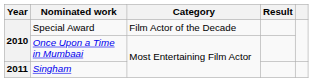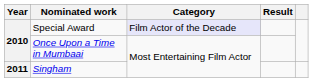 <table class="wikitable plainrowheaders" style="width:80%;">
 <tr>
 <th scope="col" style="width:4%;">Year</th>
 <th scope="col" style="width:35%;">Nominated work</th>
 <th scope="col" style="width:50%;">Category</th>
 <th scope="col" style="width:6%;">Result</th>
 <th scope="col" style="width:6%;"></th>
 </tr>
 <tr>
 <th scope="row" rowspan="2">2010</th>
 <td>Special Award</td>
-<td>Film Actor of the Decade</td>
+<td style="background: lavender;">Film Actor of the Decade</td>
 <td></td>
 <td style="text-align:center;" rowspan="2"></td>
 </tr>
 <tr>
 <td><em><a href='#'>Once Upon a Time in Mumbaai</a></em></td>
 <td rowspan="2">Most Entertaining Film Actor</td>
 <td></td>
 </tr>
 <tr>
 <th scope="row" rowspan="3">2011</th>
 <td><em><a href='#'>Singham</a></em></td>
 <td></td>
 <td style="text-align:center;"></td>
 </tr>
 </table>
